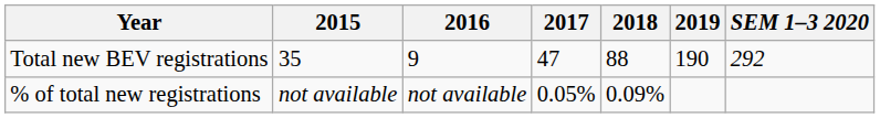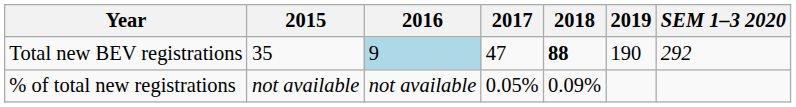 <table class="wikitable">
 <tr>
 <th>Year</th>
 <th>2015</th>
 <th>2016</th>
 <th>2017</th>
 <th>2018</th>
 <th>2019</th>
 <th><em>SEM 1–3 2020</em></th>
 </tr>
 <tr>
 <td>Total new BEV registrations</td>
 <td>35</td>
-<td>9</td>
+<td style="background: lightblue;">9</td>
 <td>47</td>
-<td>88</td>
+<td><strong>88</strong></td>
 <td>190</td>
 <td><em>292</em></td>
 </tr>
 <tr>
 <td>% of total new registrations</td>
 <td><em>not available</em></td>
 <td><em>not available</em></td>
 <td>0.05%</td>
 <td>0.09%</td>
 <td></td>
 <td></td>
 </tr>
 </table>
